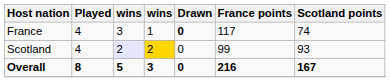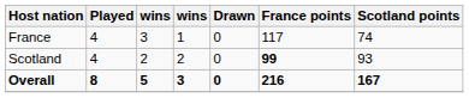 <table class="wikitable center">
 <tr>
 <th align=center>Host nation</th>
 <th align=center>Played</th>
 <th align=center> wins</th>
 <th align=center> wins</th>
 <th align=center>Drawn</th>
 <th align=center>France points</th>
 <th align=center>Scotland points</th>
 </tr>
 <tr>
 <td align=left> France</td>
 <td>4</td>
 <td>3</td>
 <td>1</td>
-<td><strong>0</strong></td>
+<td>0</td>
 <td>117</td>
 <td>74</td>
 </tr>
 <tr>
 <td align=left> Scotland</td>
 <td>4</td>
-<td style="background: lavender;">2</td>
-<td style="background: gold;">2</td>
+<td>2</td>
+<td>2</td>
 <td>0</td>
-<td>99</td>
+<td><strong>99</strong></td>
 <td>93</td>
 </tr>
 <tr>
 <td><strong>Overall</strong></td>
 <td><strong>8</strong></td>
 <td><strong>5</strong></td>
 <td><strong>3</strong></td>
 <td><strong>0</strong></td>
 <td><strong>216</strong></td>
 <td><strong>167</strong></td>
 </tr>
 <tr>
 </tr>
 </table>
